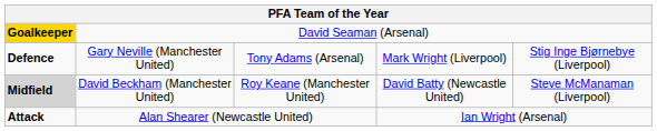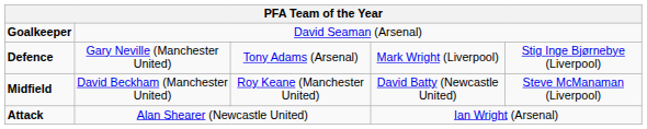 <table class="wikitable">
 <tr>
 <th colspan="13">PFA Team of the Year</th>
 </tr>
 <tr>
-<td style="background: gold;"><strong>Goalkeeper</strong></td>
+<td><strong>Goalkeeper</strong></td>
 <td colspan="12" align="center"> <a href='#'>David Seaman</a> (Arsenal)</td>
 </tr>
 <tr>
 <td><strong>Defence</strong></td>
 <td colspan="3" align="center"> <a href='#'>Gary Neville</a> (Manchester United)</td>
 <td colspan="3" align="center"> <a href='#'>Tony Adams</a> (Arsenal)</td>
 <td colspan="3" align="center"> <a href='#'>Mark Wright</a> (Liverpool)</td>
 <td colspan="3" align="center"> <a href='#'>Stig Inge Bjørnebye</a> (Liverpool)</td>
 </tr>
 <tr>
-<td style="background: lightgrey;"><strong>Midfield</strong></td>
+<td><strong>Midfield</strong></td>
 <td colspan="3" align="center"> <a href='#'>David Beckham</a> (Manchester United)</td>
 <td colspan="3" align="center"> <a href='#'>Roy Keane</a> (Manchester United)</td>
 <td colspan="3" align="center"> <a href='#'>David Batty</a> (Newcastle United)</td>
 <td colspan="3" align="center"> <a href='#'>Steve McManaman</a> (Liverpool)</td>
 </tr>
 <tr>
 <td><strong>Attack</strong></td>
 <td colspan="6" align="center"> <a href='#'>Alan Shearer</a> (Newcastle United)</td>
 <td colspan="6" align="center"> <a href='#'>Ian Wright</a> (Arsenal)</td>
 </tr>
 </table>
